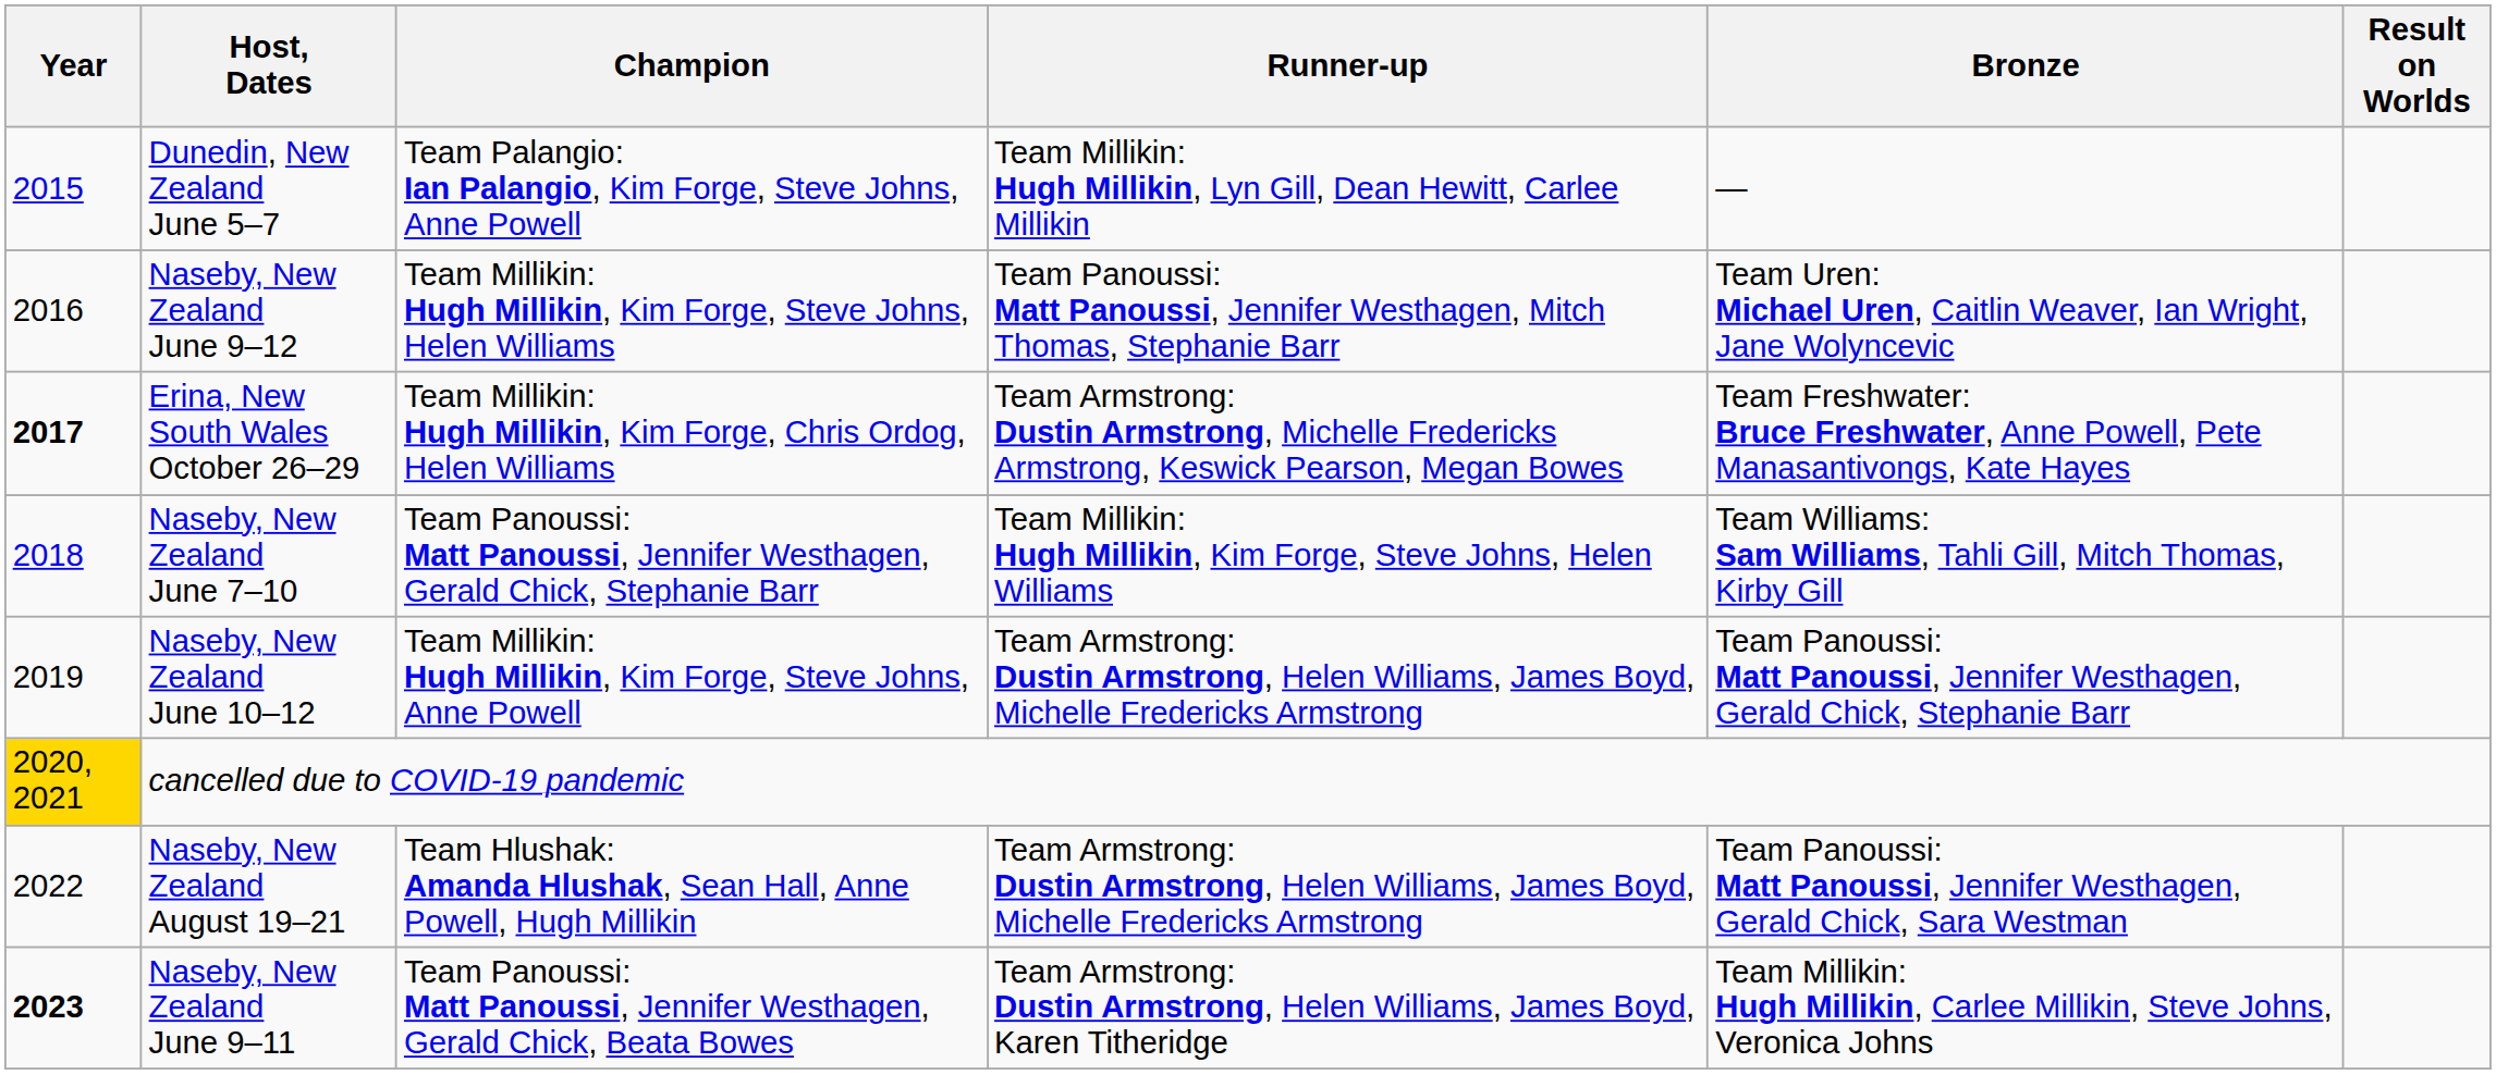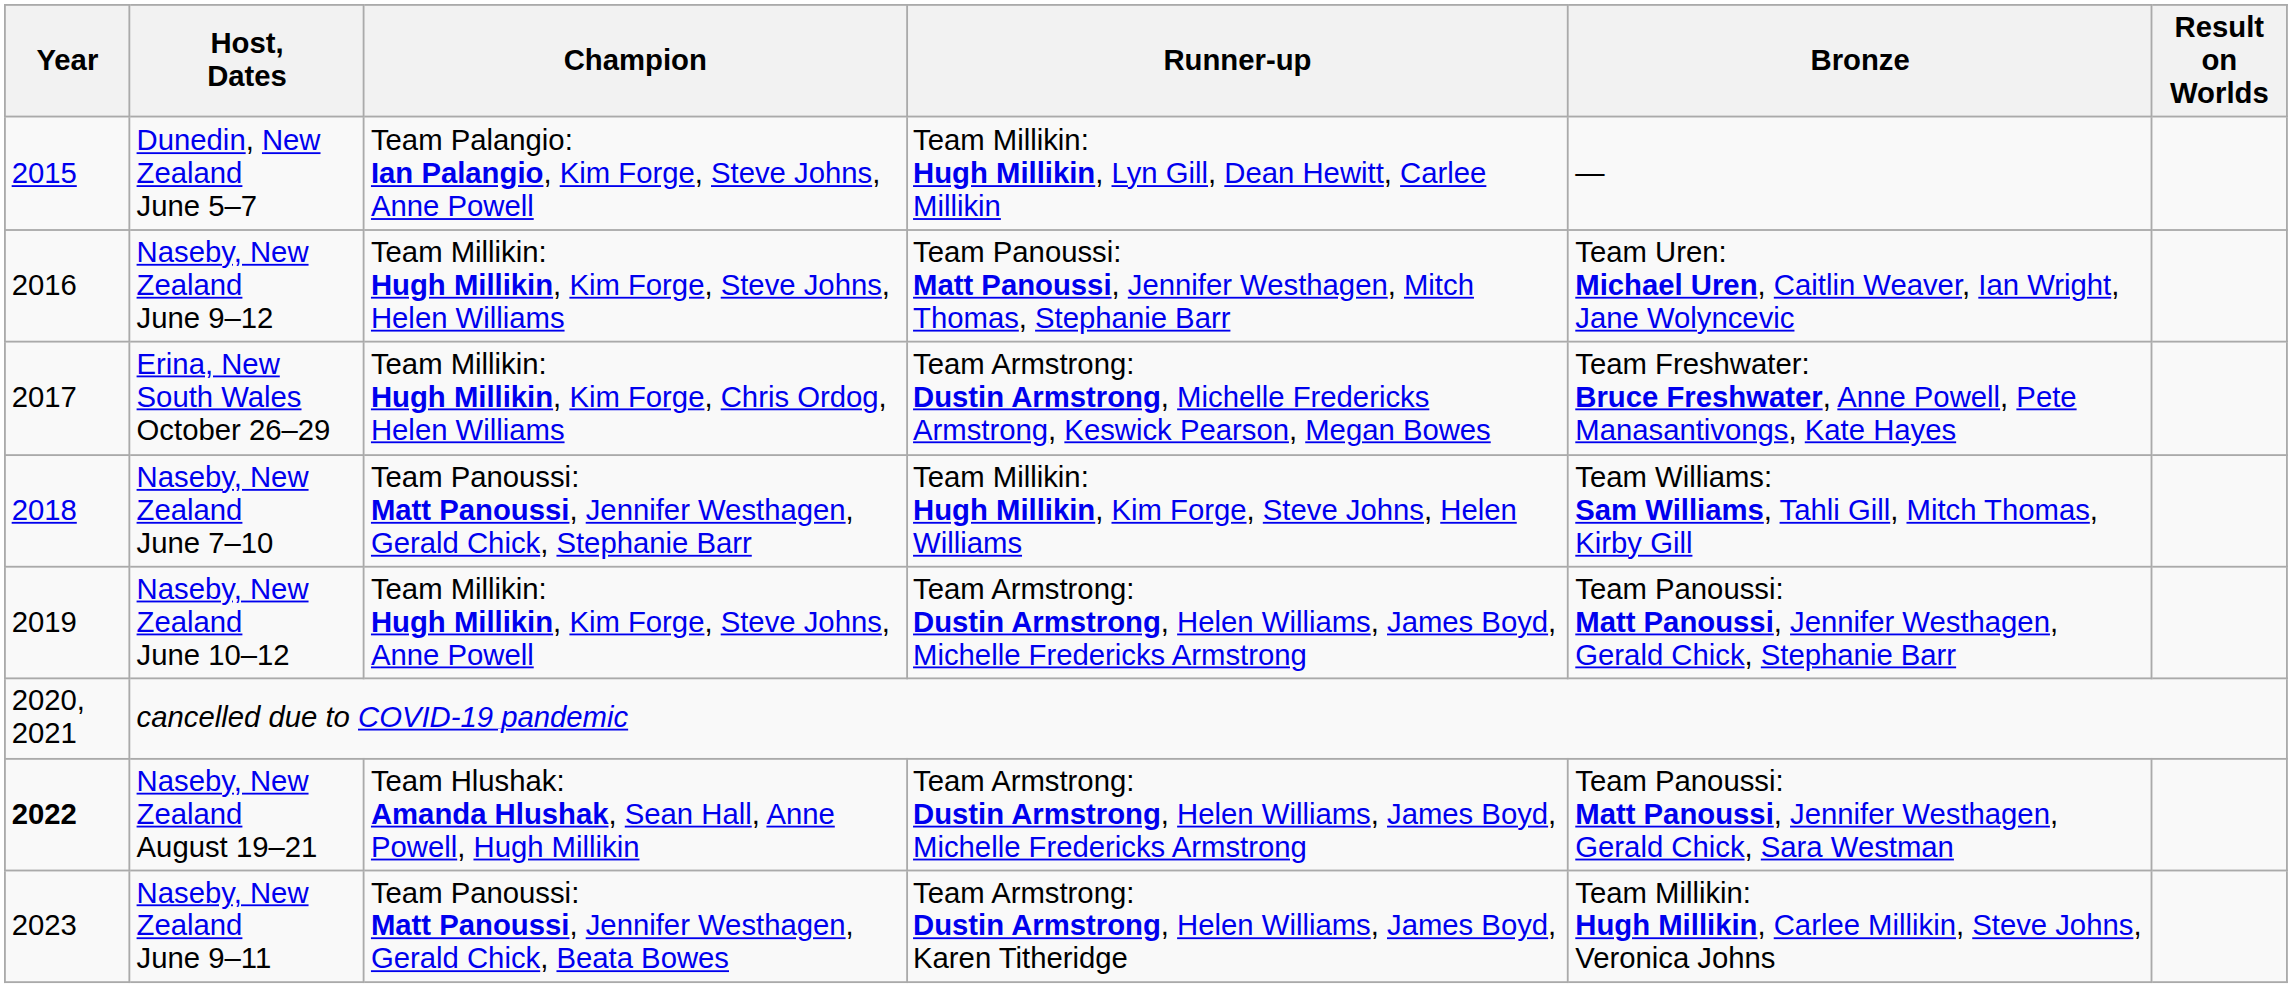 <table class="wikitable">
 <tr>
 <th>Year</th>
 <th>Host,<br>Dates</th>
 <th>Champion</th>
 <th>Runner-up</th>
 <th>Bronze</th>
 <th>Result<br>on Worlds</th>
 </tr>
 <tr>
 <td><a href='#'>2015</a></td>
 <td><a href='#'>Dunedin</a>, <a href='#'>New Zealand</a><br>June 5–7</td>
 <td>Team Palangio:<br><strong><a href='#'>Ian Palangio</a></strong>, <a href='#'>Kim Forge</a>, <a href='#'>Steve Johns</a>, <a href='#'>Anne Powell</a></td>
 <td>Team Millikin:<br><strong><a href='#'>Hugh Millikin</a></strong>, <a href='#'>Lyn Gill</a>, <a href='#'>Dean Hewitt</a>, <a href='#'>Carlee Millikin</a></td>
 <td>—</td>
 <td></td>
 </tr>
 <tr>
 <td>2016</td>
 <td><a href='#'>Naseby, New Zealand</a><br>June 9–12</td>
 <td>Team Millikin:<br><strong><a href='#'>Hugh Millikin</a></strong>, <a href='#'>Kim Forge</a>, <a href='#'>Steve Johns</a>, <a href='#'>Helen Williams</a></td>
 <td>Team Panoussi:<br><strong><a href='#'>Matt Panoussi</a></strong>, <a href='#'>Jennifer Westhagen</a>, <a href='#'>Mitch Thomas</a>, <a href='#'>Stephanie Barr</a></td>
 <td>Team Uren:<br><strong><a href='#'>Michael Uren</a></strong>, <a href='#'>Caitlin Weaver</a>, <a href='#'>Ian Wright</a>, <a href='#'>Jane Wolyncevic</a></td>
 <td></td>
 </tr>
 <tr>
-<td><strong>2017</strong></td>
+<td>2017</td>
 <td><a href='#'>Erina, New South Wales</a><br>October 26–29</td>
 <td>Team Millikin:<br><strong><a href='#'>Hugh Millikin</a></strong>, <a href='#'>Kim Forge</a>, <a href='#'>Chris Ordog</a>, <a href='#'>Helen Williams</a></td>
 <td>Team Armstrong:<br><strong><a href='#'>Dustin Armstrong</a></strong>, <a href='#'>Michelle Fredericks Armstrong</a>, <a href='#'>Keswick Pearson</a>, <a href='#'>Megan Bowes</a></td>
 <td>Team Freshwater:<br><strong><a href='#'>Bruce Freshwater</a></strong>, <a href='#'>Anne Powell</a>, <a href='#'>Pete Manasantivongs</a>, <a href='#'>Kate Hayes</a></td>
 <td></td>
 </tr>
 <tr>
 <td><a href='#'>2018</a></td>
 <td><a href='#'>Naseby, New Zealand</a><br>June 7–10</td>
 <td>Team Panoussi:<br><strong><a href='#'>Matt Panoussi</a></strong>, <a href='#'>Jennifer Westhagen</a>, <a href='#'>Gerald Chick</a>, <a href='#'>Stephanie Barr</a></td>
 <td>Team Millikin:<br><strong><a href='#'>Hugh Millikin</a></strong>, <a href='#'>Kim Forge</a>, <a href='#'>Steve Johns</a>, <a href='#'>Helen Williams</a></td>
 <td>Team Williams:<br><strong><a href='#'>Sam Williams</a></strong>, <a href='#'>Tahli Gill</a>, <a href='#'>Mitch Thomas</a>, <a href='#'>Kirby Gill</a></td>
 <td></td>
 </tr>
 <tr>
 <td>2019</td>
 <td><a href='#'>Naseby, New Zealand</a><br>June 10–12</td>
 <td>Team Millikin:<br><strong><a href='#'>Hugh Millikin</a></strong>, <a href='#'>Kim Forge</a>, <a href='#'>Steve Johns</a>, <a href='#'>Anne Powell</a></td>
 <td>Team Armstrong:<br><strong><a href='#'>Dustin Armstrong</a></strong>, <a href='#'>Helen Williams</a>, <a href='#'>James Boyd</a>, <a href='#'>Michelle Fredericks Armstrong</a></td>
 <td>Team Panoussi:<br><strong><a href='#'>Matt Panoussi</a></strong>, <a href='#'>Jennifer Westhagen</a>, <a href='#'>Gerald Chick</a>, <a href='#'>Stephanie Barr</a></td>
 <td></td>
 </tr>
 <tr>
-<td style="background: gold;">2020, 2021</td>
+<td>2020, 2021</td>
 <td colspan=6><em>cancelled due to <a href='#'>COVID-19 pandemic</a></em></td>
 </tr>
 <tr>
-<td>2022</td>
+<td><strong>2022</strong></td>
 <td><a href='#'>Naseby, New Zealand</a><br>August 19–21</td>
 <td>Team Hlushak:<br><strong><a href='#'>Amanda Hlushak</a></strong>, <a href='#'>Sean Hall</a>, <a href='#'>Anne Powell</a>, <a href='#'>Hugh Millikin</a></td>
 <td>Team Armstrong:<br><strong><a href='#'>Dustin Armstrong</a></strong>, <a href='#'>Helen Williams</a>, <a href='#'>James Boyd</a>, <a href='#'>Michelle Fredericks Armstrong</a></td>
 <td>Team Panoussi:<br><strong><a href='#'>Matt Panoussi</a></strong>, <a href='#'>Jennifer Westhagen</a>, <a href='#'>Gerald Chick</a>, <a href='#'>Sara Westman</a></td>
 <td></td>
 </tr>
 <tr>
-<td><strong>2023</strong></td>
+<td>2023</td>
 <td><a href='#'>Naseby, New Zealand</a><br>June 9–11</td>
 <td>Team Panoussi:<br><strong><a href='#'>Matt Panoussi</a></strong>, <a href='#'>Jennifer Westhagen</a>, <a href='#'>Gerald Chick</a>, <a href='#'>Beata Bowes</a></td>
 <td>Team Armstrong:<br><strong><a href='#'>Dustin Armstrong</a></strong>, <a href='#'>Helen Williams</a>, <a href='#'>James Boyd</a>, Karen Titheridge</td>
 <td>Team Millikin:<br><strong><a href='#'>Hugh Millikin</a></strong>, <a href='#'>Carlee Millikin</a>, <a href='#'>Steve Johns</a>, Veronica Johns</td>
 <td></td>
 </tr>
 </table>
